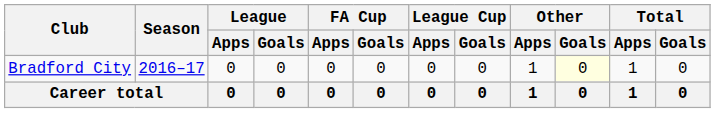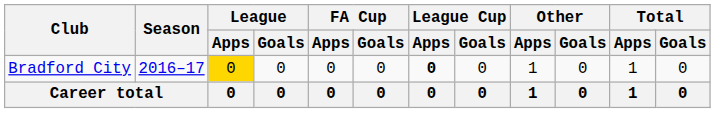 <table class="wikitable" style="text-align: center;">
 <tr>
 <th rowspan="2">Club</th>
 <th rowspan="2">Season</th>
 <th colspan="2">League</th>
 <th colspan="2">FA Cup</th>
 <th colspan="2">League Cup</th>
 <th colspan="2">Other</th>
 <th colspan="2">Total</th>
 </tr>
 <tr>
 <th>Apps</th>
 <th>Goals</th>
 <th>Apps</th>
 <th>Goals</th>
 <th>Apps</th>
 <th>Goals</th>
 <th>Apps</th>
 <th>Goals</th>
 <th>Apps</th>
 <th>Goals</th>
 </tr>
 <tr>
 <td rowspan="1" valign="center"><a href='#'>Bradford City</a></td>
 <td><a href='#'>2016–17</a></td>
+<td style="background: gold;">0</td>
 <td>0</td>
 <td>0</td>
 <td>0</td>
-<td>0</td>
-<td>0</td>
+<td><strong>0</strong></td>
 <td>0</td>
 <td>1</td>
-<td style="background: lightyellow;">0</td>
+<td>0</td>
 <td>1</td>
 <td>0</td>
 </tr>
 <tr>
 <th colspan="2">Career total</th>
 <th>0</th>
 <th>0</th>
 <th>0</th>
 <th>0</th>
 <th>0</th>
 <th>0</th>
 <th>1</th>
 <th>0</th>
 <th>1</th>
 <th>0</th>
 </tr>
 </table>
